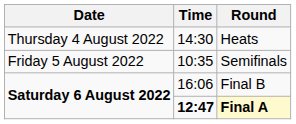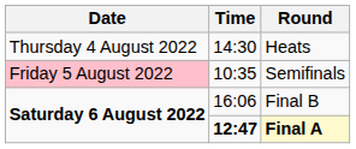 <table class="wikitable">
 <tr>
 <th>Date</th>
 <th>Time</th>
 <th>Round</th>
 </tr>
 <tr>
 <td>Thursday 4 August 2022</td>
 <td>14:30</td>
 <td>Heats</td>
 </tr>
 <tr>
-<td>Friday 5 August 2022</td>
+<td style="background: pink;">Friday 5 August 2022</td>
 <td>10:35</td>
 <td>Semifinals</td>
 </tr>
 <tr>
 <td rowspan=2><strong>Saturday 6 August 2022</strong></td>
 <td>16:06</td>
 <td>Final B</td>
 </tr>
 <tr>
 <td><strong>12:47</strong></td>
 <td style=background:lemonchiffon><strong>Final A</strong></td>
 </tr>
 </table>
